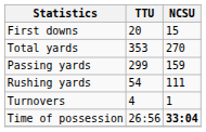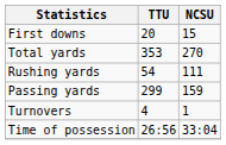 <table class="wikitable">
 <tr>
 <th>Statistics</th>
 <th>TTU</th>
 <th>NCSU</th>
 </tr>
 <tr>
 <td>First downs</td>
 <td>20</td>
 <td>15</td>
 </tr>
 <tr>
 <td>Total yards</td>
 <td>353</td>
 <td>270</td>
 </tr>
 <tr>
+<td>Rushing yards</td>
+<td>54</td>
+<td>111</td>
+</tr>
+<tr>
 <td>Passing yards</td>
 <td>299</td>
 <td>159</td>
-</tr>
-<tr>
-<td>Rushing yards</td>
-<td>54</td>
-<td>111</td>
 </tr>
 <tr>
 <td>Turnovers</td>
 <td>4</td>
 <td>1</td>
 </tr>
 <tr>
 <td>Time of possession</td>
 <td>26:56</td>
-<td><strong>33:04</strong></td>
+<td>33:04</td>
 </tr>
 <tr>
 </tr>
 </table>
